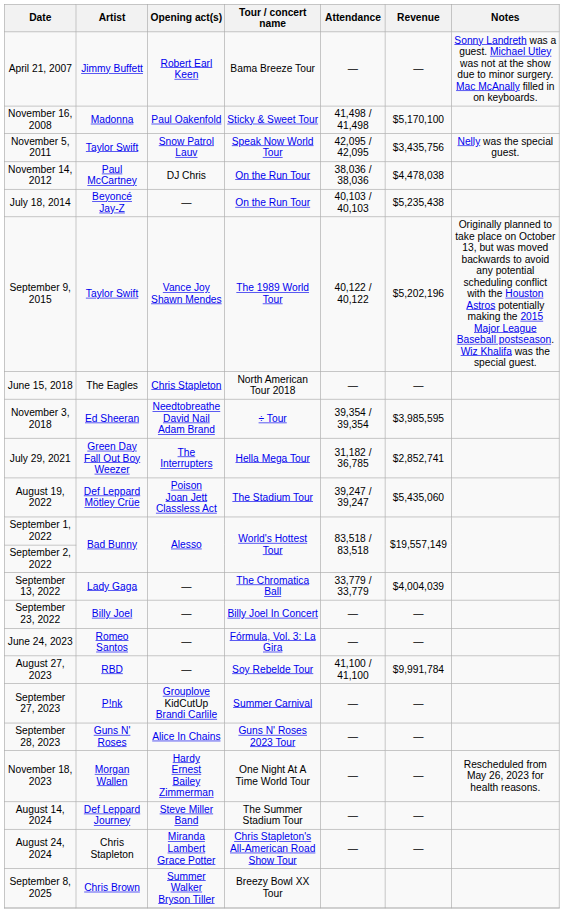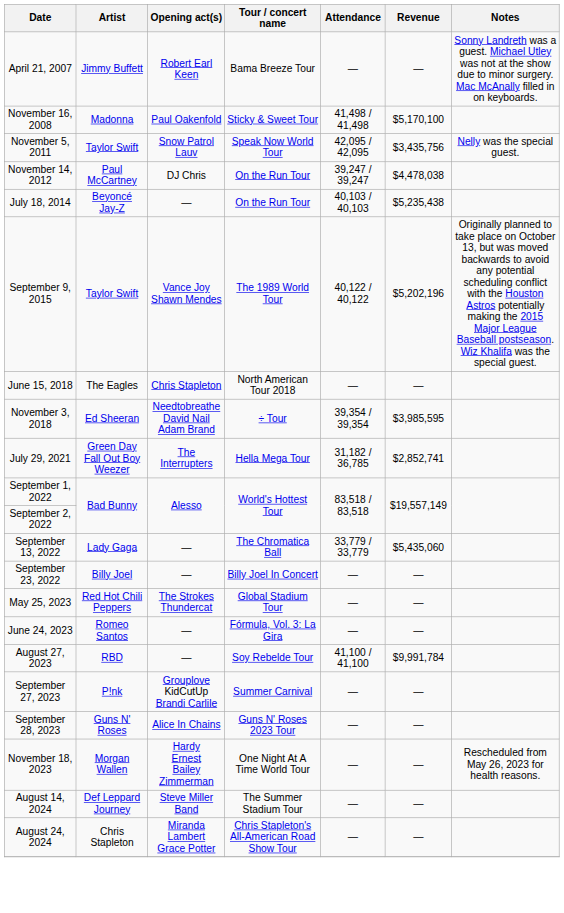 <table class="wikitable" style="text-align:center;">
 <tr>
 <th width=12% style="text-align:center;">Date</th>
 <th width=12% style="text-align:center;">Artist</th>
 <th width=10% style="text-align:center;">Opening act(s)</th>
 <th width=16% style="text-align:center;">Tour / concert name</th>
 <th width=10% style="text-align:center;">Attendance</th>
 <th width=10% style="text-align:center;">Revenue</th>
 <th width=18% style="text-align:center;">Notes</th>
 </tr>
 <tr>
 <td>April 21, 2007</td>
 <td><a href='#'>Jimmy Buffett</a></td>
 <td><a href='#'>Robert Earl Keen</a></td>
 <td>Bama Breeze Tour</td>
 <td>—</td>
 <td>—</td>
 <td><a href='#'>Sonny Landreth</a> was a guest. <a href='#'>Michael Utley</a> was not at the show due to minor surgery. <a href='#'>Mac McAnally</a> filled in on keyboards.</td>
 </tr>
 <tr>
 <td>November 16, 2008</td>
 <td><a href='#'>Madonna</a></td>
 <td><a href='#'>Paul Oakenfold</a></td>
 <td><a href='#'>Sticky & Sweet Tour</a></td>
 <td>41,498 / 41,498</td>
 <td>$5,170,100</td>
 <td></td>
 </tr>
 <tr>
 <td>November 5, 2011</td>
 <td><a href='#'>Taylor Swift</a></td>
 <td><a href='#'>Snow Patrol</a><br><a href='#'>Lauv</a></td>
 <td><a href='#'>Speak Now World Tour</a></td>
 <td>42,095 / 42,095</td>
 <td>$3,435,756</td>
 <td><a href='#'>Nelly</a> was the special guest.</td>
 </tr>
 <tr>
 <td>November 14, 2012</td>
 <td><a href='#'>Paul McCartney</a></td>
 <td>DJ Chris</td>
 <td><a href='#'>On the Run Tour</a></td>
-<td>38,036 / 38,036</td>
+<td>39,247 / 39,247</td>
 <td>$4,478,038</td>
 <td></td>
 </tr>
 <tr>
 <td>July 18, 2014</td>
 <td><a href='#'>Beyoncé</a><br><a href='#'>Jay-Z</a></td>
 <td>—</td>
 <td><a href='#'>On the Run Tour</a></td>
 <td>40,103 / 40,103</td>
 <td>$5,235,438</td>
 <td></td>
 </tr>
 <tr>
 <td>September 9, 2015</td>
 <td><a href='#'>Taylor Swift</a></td>
 <td><a href='#'>Vance Joy</a><br><a href='#'>Shawn Mendes</a></td>
 <td><a href='#'>The 1989 World Tour</a></td>
 <td>40,122 / 40,122</td>
 <td>$5,202,196</td>
 <td>Originally planned to take place on October 13, but was moved backwards to avoid any potential scheduling conflict with the <a href='#'>Houston Astros</a> potentially making the <a href='#'>2015</a> <a href='#'>Major League Baseball postseason</a>. <a href='#'>Wiz Khalifa</a> was the special guest.</td>
 </tr>
 <tr>
 <td>June 15, 2018</td>
 <td>The Eagles</td>
 <td><a href='#'>Chris Stapleton</a></td>
 <td>North American Tour 2018</td>
 <td>—</td>
 <td>—</td>
 <td></td>
 </tr>
 <tr>
 <td>November 3, 2018</td>
 <td><a href='#'>Ed Sheeran</a></td>
 <td><a href='#'>Needtobreathe</a><br><a href='#'>David Nail</a><br><a href='#'>Adam Brand</a></td>
 <td><a href='#'>÷ Tour</a></td>
 <td>39,354 / 39,354</td>
 <td>$3,985,595</td>
 <td></td>
 </tr>
 <tr>
 <td>July 29, 2021</td>
 <td><a href='#'>Green Day</a><br><a href='#'>Fall Out Boy</a><br><a href='#'>Weezer</a></td>
 <td><a href='#'>The Interrupters</a></td>
 <td><a href='#'>Hella Mega Tour</a></td>
 <td>31,182 / 36,785</td>
 <td>$2,852,741</td>
 <td></td>
 </tr>
 <tr>
-<td>August 19, 2022</td>
-<td><a href='#'>Def Leppard</a><br><a href='#'>Mötley Crüe</a></td>
-<td><a href='#'>Poison</a><br><a href='#'>Joan Jett</a><br><a href='#'>Classless Act</a></td>
-<td><a href='#'>The Stadium Tour</a></td>
-<td>39,247 / 39,247</td>
-<td>$5,435,060</td>
-<td></td>
-</tr>
-<tr>
 <td>September 1, 2022</td>
 <td rowspan=2><a href='#'>Bad Bunny</a></td>
 <td rowspan=2><a href='#'>Alesso</a></td>
 <td rowspan=2><a href='#'>World's Hottest Tour</a></td>
 <td rowspan=2>83,518 / 83,518</td>
 <td rowspan="2">$19,557,149</td>
 <td rowspan="2"></td>
 </tr>
 <tr>
 <td>September 2, 2022</td>
 </tr>
 <tr>
 <td>September 13, 2022</td>
 <td><a href='#'>Lady Gaga</a></td>
 <td>—</td>
 <td><a href='#'>The Chromatica Ball</a></td>
 <td>33,779 / 33,779</td>
-<td>$4,004,039</td>
+<td>$5,435,060</td>
 <td></td>
 </tr>
 <tr>
 <td>September 23, 2022</td>
 <td><a href='#'>Billy Joel</a></td>
 <td>—</td>
 <td><a href='#'>Billy Joel In Concert</a></td>
+<td>—</td>
+<td>—</td>
+<td></td>
+</tr>
+<tr>
+<td>May 25, 2023</td>
+<td><a href='#'>Red Hot Chili Peppers</a></td>
+<td><a href='#'>The Strokes</a><br><a href='#'>Thundercat</a></td>
+<td><a href='#'>Global Stadium Tour</a></td>
 <td>—</td>
 <td>—</td>
 <td></td>
 </tr>
 <tr>
 <td>June 24, 2023</td>
 <td><a href='#'>Romeo Santos</a></td>
 <td>—</td>
 <td><a href='#'>Fórmula, Vol. 3: La Gira</a></td>
 <td>—</td>
 <td>—</td>
 <td></td>
 </tr>
 <tr>
 <td>August 27, 2023</td>
 <td><a href='#'>RBD</a></td>
 <td>—</td>
 <td><a href='#'>Soy Rebelde Tour</a></td>
 <td>41,100 / 41,100</td>
 <td>$9,991,784</td>
 <td></td>
 </tr>
 <tr>
 <td>September 27, 2023</td>
 <td><a href='#'>P!nk</a></td>
 <td><a href='#'>Grouplove</a><br>KidCutUp<br><a href='#'>Brandi Carlile</a></td>
 <td><a href='#'>Summer Carnival</a></td>
 <td>—</td>
 <td>—</td>
 <td></td>
 </tr>
 <tr>
 <td>September 28, 2023</td>
 <td><a href='#'>Guns N' Roses</a></td>
 <td><a href='#'>Alice In Chains</a></td>
 <td><a href='#'>Guns N' Roses 2023 Tour</a></td>
 <td>—</td>
 <td>—</td>
 <td></td>
 </tr>
 <tr>
 <td>November 18, 2023</td>
 <td><a href='#'>Morgan Wallen</a></td>
 <td><a href='#'>Hardy</a><br><a href='#'>Ernest</a><br><a href='#'>Bailey Zimmerman</a></td>
 <td>One Night At A Time World Tour</td>
 <td>—</td>
 <td>—</td>
 <td>Rescheduled from May 26, 2023 for health reasons.</td>
 </tr>
 <tr>
 <td>August 14, 2024</td>
 <td><a href='#'>Def Leppard</a><br><a href='#'>Journey</a></td>
 <td><a href='#'>Steve Miller Band</a></td>
 <td>The Summer Stadium Tour</td>
 <td>—</td>
 <td>—</td>
 <td></td>
 </tr>
 <tr>
 <td>August 24, 2024</td>
 <td>Chris Stapleton</td>
 <td><a href='#'>Miranda Lambert</a><br><a href='#'>Grace Potter</a></td>
 <td><a href='#'>Chris Stapleton's All-American Road Show Tour</a></td>
 <td>—</td>
 <td>—</td>
 <td></td>
 </tr>
 <tr>
-<td>September 8, 2025</td>
-<td><a href='#'>Chris Brown</a></td>
-<td><a href='#'>Summer Walker</a><br><a href='#'>Bryson Tiller</a></td>
-<td>Breezy Bowl XX Tour</td>
-<td></td>
-<td></td>
-<td></td>
-</tr>
-<tr>
 </tr>
 </table>
